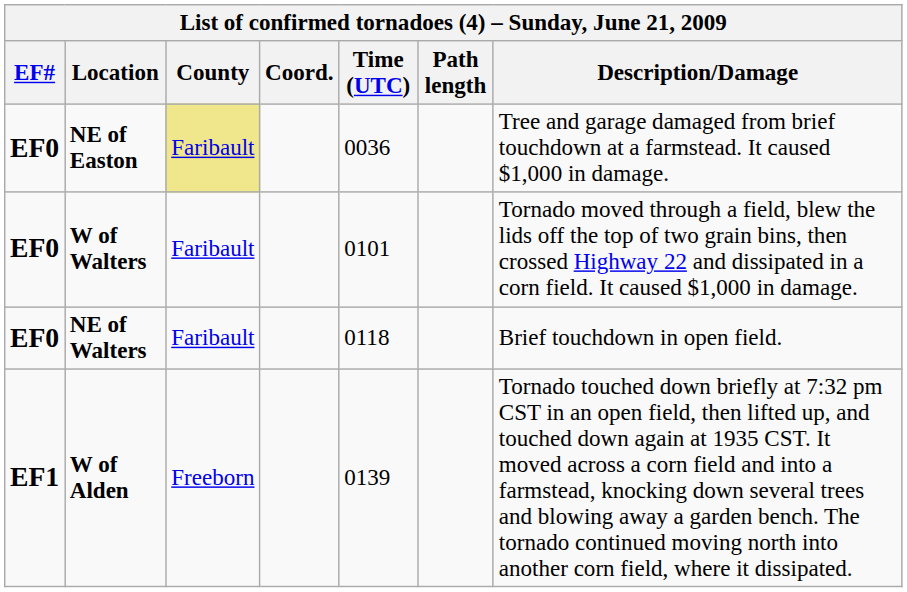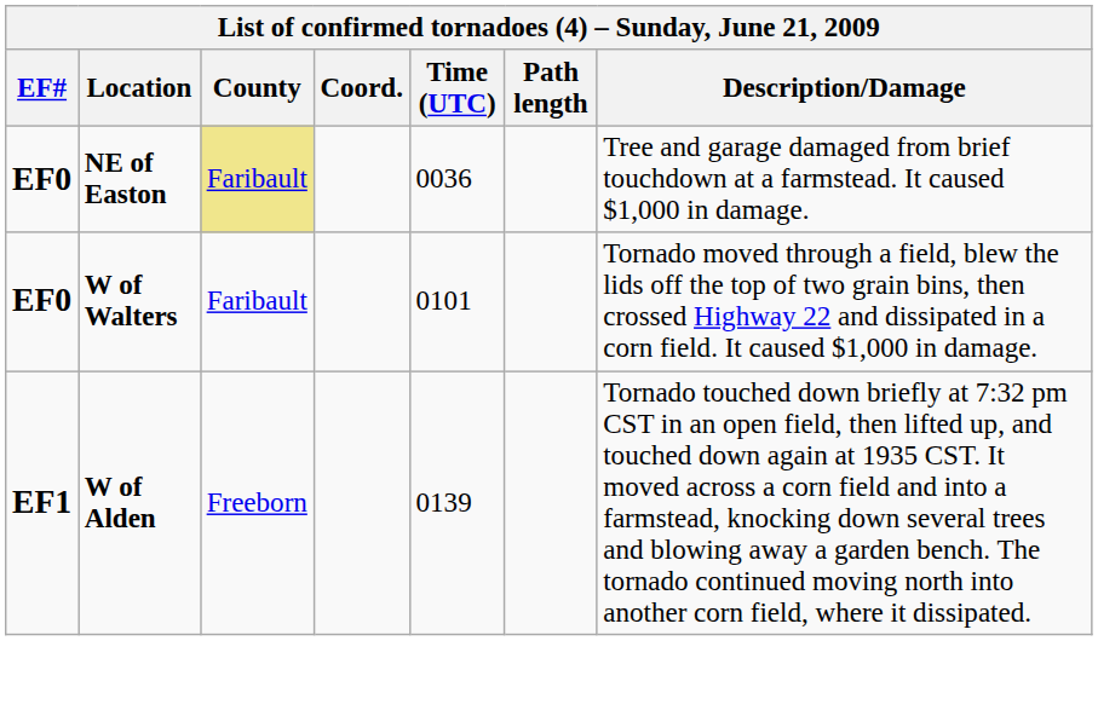 <table class="wikitable collapsible" width="100%">
 <tr>
 <th colspan="7">List of confirmed tornadoes (4) – Sunday, June 21, 2009</th>
 </tr>
 <tr>
 <th><a href='#'>EF#</a></th>
 <th>Location</th>
 <th>County</th>
 <th>Coord.</th>
 <th>Time (<a href='#'>UTC</a>)</th>
 <th>Path length</th>
 <th>Description/Damage</th>
 </tr>
 <tr>
 <td><big><strong>EF0</strong></big></td>
 <td><strong>NE of Easton</strong></td>
 <td style="background: khaki;"><a href='#'>Faribault</a></td>
 <td></td>
 <td>0036</td>
 <td></td>
 <td>Tree and garage damaged from brief touchdown at a farmstead. It caused $1,000 in damage.</td>
 </tr>
 <tr>
 <td><big><strong>EF0</strong></big></td>
 <td><strong>W of Walters</strong></td>
 <td><a href='#'>Faribault</a></td>
 <td></td>
 <td>0101</td>
 <td></td>
 <td>Tornado moved through a field, blew the lids off the top of two grain bins, then crossed <a href='#'>Highway 22</a> and dissipated in a corn field. It caused $1,000 in damage.</td>
 </tr>
 <tr>
-<td><big><strong>EF0</strong></big></td>
-<td><strong>NE of Walters</strong></td>
-<td><a href='#'>Faribault</a></td>
-<td></td>
-<td>0118</td>
-<td></td>
-<td>Brief touchdown in open field.</td>
-</tr>
-<tr>
 <td><big><strong>EF1</strong></big></td>
 <td><strong>W of Alden</strong></td>
 <td><a href='#'>Freeborn</a></td>
 <td></td>
 <td>0139</td>
 <td></td>
 <td>Tornado touched down briefly at 7:32 pm CST in an open field, then lifted up, and touched down again at 1935 CST. It moved across a corn field and into a farmstead, knocking down several trees and blowing away a garden bench. The tornado continued moving north into another corn field, where it dissipated.</td>
 </tr>
 </table>
